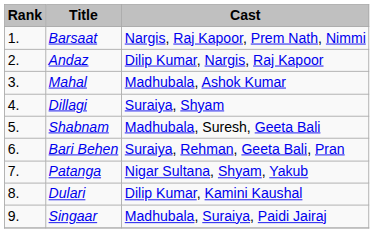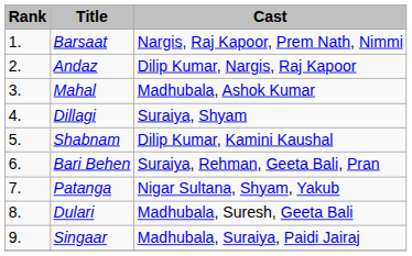 <table class="wikitable">
 <tr bgcolor="silver" align="center">
 <td rowspan="1"><strong>Rank</strong></td>
 <td rowspan="1"><strong>Title</strong></td>
 <td rowspan="1"><strong>Cast</strong></td>
 </tr>
 <tr>
 <td>1.</td>
 <td><em><a href='#'>Barsaat</a></em></td>
 <td><a href='#'>Nargis</a>, <a href='#'>Raj Kapoor</a>, <a href='#'>Prem Nath</a>, <a href='#'>Nimmi</a></td>
 </tr>
 <tr>
 <td>2.</td>
 <td><em><a href='#'>Andaz</a></em></td>
 <td><a href='#'>Dilip Kumar</a>, <a href='#'>Nargis</a>, <a href='#'>Raj Kapoor</a></td>
 </tr>
 <tr>
 <td>3.</td>
 <td><em><a href='#'>Mahal</a></em></td>
 <td><a href='#'>Madhubala</a>, <a href='#'>Ashok Kumar</a></td>
 </tr>
 <tr>
 <td>4.</td>
 <td><em><a href='#'>Dillagi</a></em></td>
 <td><a href='#'>Suraiya</a>, <a href='#'>Shyam</a></td>
 </tr>
 <tr>
 <td>5.</td>
 <td><em><a href='#'>Shabnam</a></em></td>
-<td><a href='#'>Madhubala</a>, Suresh, <a href='#'>Geeta Bali</a></td>
+<td><a href='#'>Dilip Kumar</a>, <a href='#'>Kamini Kaushal</a></td>
 </tr>
 <tr>
 <td>6.</td>
 <td><em><a href='#'>Bari Behen</a></em></td>
 <td><a href='#'>Suraiya</a>, <a href='#'>Rehman</a>, <a href='#'>Geeta Bali</a>, <a href='#'>Pran</a></td>
 </tr>
 <tr>
 <td>7.</td>
 <td><em><a href='#'>Patanga</a></em></td>
 <td><a href='#'>Nigar Sultana</a>, <a href='#'>Shyam</a>, <a href='#'>Yakub</a></td>
 </tr>
 <tr>
 <td>8.</td>
 <td><em><a href='#'>Dulari</a></em></td>
-<td><a href='#'>Dilip Kumar</a>, <a href='#'>Kamini Kaushal</a></td>
+<td><a href='#'>Madhubala</a>, Suresh, <a href='#'>Geeta Bali</a></td>
 </tr>
 <tr>
 <td>9.</td>
 <td><em><a href='#'>Singaar</a></em></td>
 <td><a href='#'>Madhubala</a>, <a href='#'>Suraiya</a>, <a href='#'>Paidi Jairaj</a></td>
 </tr>
 <tr>
 </tr>
 </table>
